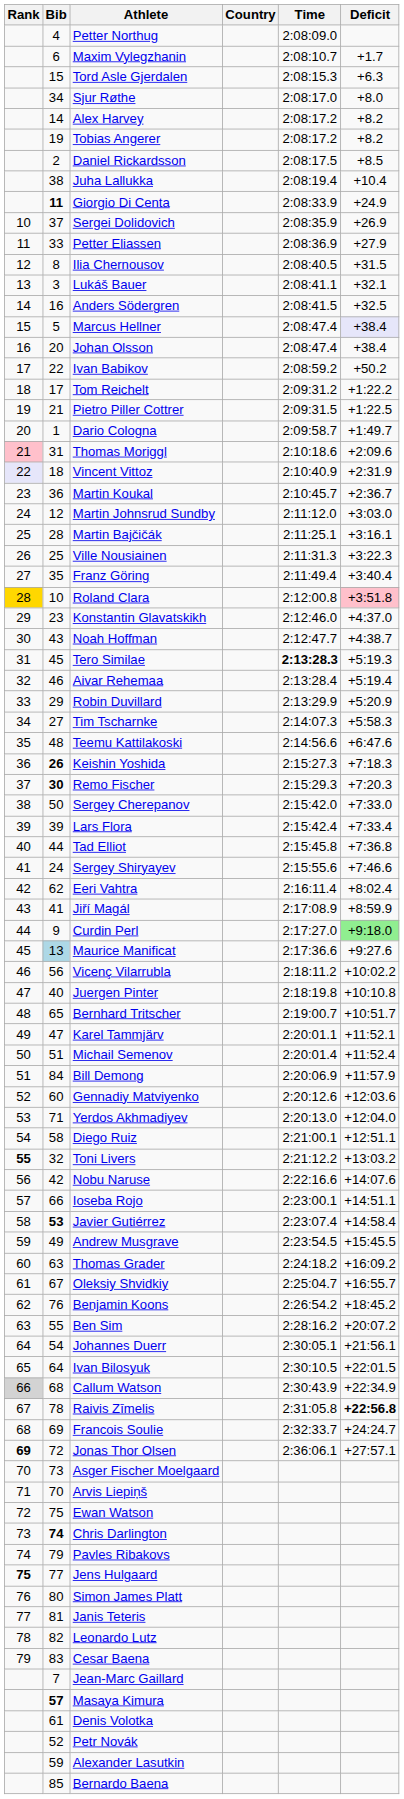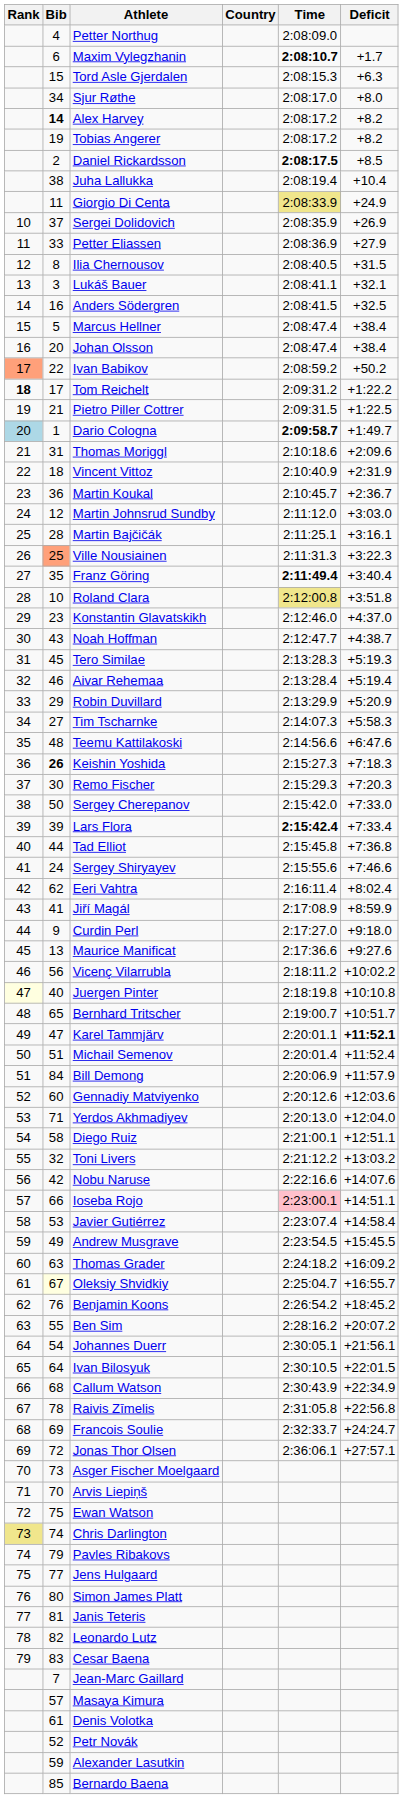 <table class="wikitable sortable" style="text-align:center">
 <tr>
 <th>Rank</th>
 <th>Bib</th>
 <th>Athlete</th>
 <th>Country</th>
 <th>Time</th>
 <th>Deficit</th>
 </tr>
 <tr>
 <td></td>
 <td>4</td>
 <td align=left><a href='#'>Petter Northug</a></td>
 <td align=left></td>
 <td>2:08:09.0</td>
 <td></td>
 </tr>
 <tr>
 <td></td>
 <td>6</td>
 <td align=left><a href='#'>Maxim Vylegzhanin</a></td>
 <td align=left></td>
-<td>2:08:10.7</td>
+<td><strong>2:08:10.7</strong></td>
 <td>+1.7</td>
 </tr>
 <tr>
 <td></td>
 <td>15</td>
 <td align=left><a href='#'>Tord Asle Gjerdalen</a></td>
 <td align=left></td>
 <td>2:08:15.3</td>
 <td>+6.3</td>
 </tr>
 <tr>
 <td></td>
 <td>34</td>
 <td align=left><a href='#'>Sjur Røthe</a></td>
 <td align=left></td>
 <td>2:08:17.0</td>
 <td>+8.0</td>
 </tr>
 <tr>
 <td></td>
-<td>14</td>
+<td><strong>14</strong></td>
 <td align=left><a href='#'>Alex Harvey</a></td>
 <td align=left></td>
 <td>2:08:17.2</td>
 <td>+8.2</td>
 </tr>
 <tr>
 <td></td>
 <td>19</td>
 <td align=left><a href='#'>Tobias Angerer</a></td>
 <td align=left></td>
 <td>2:08:17.2</td>
 <td>+8.2</td>
 </tr>
 <tr>
 <td></td>
 <td>2</td>
 <td align=left><a href='#'>Daniel Rickardsson</a></td>
 <td align=left></td>
-<td>2:08:17.5</td>
+<td><strong>2:08:17.5</strong></td>
 <td>+8.5</td>
 </tr>
 <tr>
 <td></td>
 <td>38</td>
 <td align=left><a href='#'>Juha Lallukka</a></td>
 <td align=left></td>
 <td>2:08:19.4</td>
 <td>+10.4</td>
 </tr>
 <tr>
 <td></td>
-<td><strong>11</strong></td>
+<td>11</td>
 <td align=left><a href='#'>Giorgio Di Centa</a></td>
 <td align=left></td>
-<td>2:08:33.9</td>
+<td style="background: khaki;">2:08:33.9</td>
 <td>+24.9</td>
 </tr>
 <tr>
 <td>10</td>
 <td>37</td>
 <td align=left><a href='#'>Sergei Dolidovich</a></td>
 <td align=left></td>
 <td>2:08:35.9</td>
 <td>+26.9</td>
 </tr>
 <tr>
 <td>11</td>
 <td>33</td>
 <td align=left><a href='#'>Petter Eliassen</a></td>
 <td align=left></td>
 <td>2:08:36.9</td>
 <td>+27.9</td>
 </tr>
 <tr>
 <td>12</td>
 <td>8</td>
 <td align=left><a href='#'>Ilia Chernousov</a></td>
 <td align=left></td>
 <td>2:08:40.5</td>
 <td>+31.5</td>
 </tr>
 <tr>
 <td>13</td>
 <td>3</td>
 <td align=left><a href='#'>Lukáš Bauer</a></td>
 <td align=left></td>
 <td>2:08:41.1</td>
 <td>+32.1</td>
 </tr>
 <tr>
 <td>14</td>
 <td>16</td>
 <td align=left><a href='#'>Anders Södergren</a></td>
 <td align=left></td>
 <td>2:08:41.5</td>
 <td>+32.5</td>
 </tr>
 <tr>
 <td>15</td>
 <td>5</td>
 <td align=left><a href='#'>Marcus Hellner</a></td>
 <td align=left></td>
 <td>2:08:47.4</td>
-<td style="background: lavender;">+38.4</td>
+<td>+38.4</td>
 </tr>
 <tr>
 <td>16</td>
 <td>20</td>
 <td align=left><a href='#'>Johan Olsson</a></td>
 <td align=left></td>
 <td>2:08:47.4</td>
 <td>+38.4</td>
 </tr>
 <tr>
-<td>17</td>
+<td style="background: lightsalmon;">17</td>
 <td>22</td>
 <td align=left><a href='#'>Ivan Babikov</a></td>
 <td align=left></td>
 <td>2:08:59.2</td>
 <td>+50.2</td>
 </tr>
 <tr>
-<td>18</td>
+<td><strong>18</strong></td>
 <td>17</td>
 <td align=left><a href='#'>Tom Reichelt</a></td>
 <td align=left></td>
 <td>2:09:31.2</td>
 <td>+1:22.2</td>
 </tr>
 <tr>
 <td>19</td>
 <td>21</td>
 <td align=left><a href='#'>Pietro Piller Cottrer</a></td>
 <td align=left></td>
 <td>2:09:31.5</td>
 <td>+1:22.5</td>
 </tr>
 <tr>
-<td>20</td>
+<td style="background: lightblue;">20</td>
 <td>1</td>
 <td align=left><a href='#'>Dario Cologna</a></td>
 <td align=left></td>
-<td>2:09:58.7</td>
+<td><strong>2:09:58.7</strong></td>
 <td>+1:49.7</td>
 </tr>
 <tr>
-<td style="background: pink;">21</td>
+<td>21</td>
 <td>31</td>
 <td align=left><a href='#'>Thomas Moriggl</a></td>
 <td align=left></td>
 <td>2:10:18.6</td>
 <td>+2:09.6</td>
 </tr>
 <tr>
-<td style="background: lavender;">22</td>
+<td>22</td>
 <td>18</td>
 <td align=left><a href='#'>Vincent Vittoz</a></td>
 <td align=left></td>
 <td>2:10:40.9</td>
 <td>+2:31.9</td>
 </tr>
 <tr>
 <td>23</td>
 <td>36</td>
 <td align=left><a href='#'>Martin Koukal</a></td>
 <td align=left></td>
 <td>2:10:45.7</td>
 <td>+2:36.7</td>
 </tr>
 <tr>
 <td>24</td>
 <td>12</td>
 <td align=left><a href='#'>Martin Johnsrud Sundby</a></td>
 <td align=left></td>
 <td>2:11:12.0</td>
 <td>+3:03.0</td>
 </tr>
 <tr>
 <td>25</td>
 <td>28</td>
 <td align=left><a href='#'>Martin Bajčičák</a></td>
 <td align=left></td>
 <td>2:11:25.1</td>
 <td>+3:16.1</td>
 </tr>
 <tr>
 <td>26</td>
-<td>25</td>
+<td style="background: lightsalmon;">25</td>
 <td align=left><a href='#'>Ville Nousiainen</a></td>
 <td align=left></td>
 <td>2:11:31.3</td>
 <td>+3:22.3</td>
 </tr>
 <tr>
 <td>27</td>
 <td>35</td>
 <td align=left><a href='#'>Franz Göring</a></td>
 <td align=left></td>
-<td>2:11:49.4</td>
+<td><strong>2:11:49.4</strong></td>
 <td>+3:40.4</td>
 </tr>
 <tr>
-<td style="background: gold;">28</td>
+<td>28</td>
 <td>10</td>
 <td align=left><a href='#'>Roland Clara</a></td>
 <td align=left></td>
-<td>2:12:00.8</td>
-<td style="background: pink;">+3:51.8</td>
+<td style="background: khaki;">2:12:00.8</td>
+<td>+3:51.8</td>
 </tr>
 <tr>
 <td>29</td>
 <td>23</td>
 <td align=left><a href='#'>Konstantin Glavatskikh</a></td>
 <td align=left></td>
 <td>2:12:46.0</td>
 <td>+4:37.0</td>
 </tr>
 <tr>
 <td>30</td>
 <td>43</td>
 <td align=left><a href='#'>Noah Hoffman</a></td>
 <td align=left></td>
 <td>2:12:47.7</td>
 <td>+4:38.7</td>
 </tr>
 <tr>
 <td>31</td>
 <td>45</td>
 <td align=left><a href='#'>Tero Similae</a></td>
 <td align=left></td>
-<td><strong>2:13:28.3</strong></td>
+<td>2:13:28.3</td>
 <td>+5:19.3</td>
 </tr>
 <tr>
 <td>32</td>
 <td>46</td>
 <td align=left><a href='#'>Aivar Rehemaa</a></td>
 <td align=left></td>
 <td>2:13:28.4</td>
 <td>+5:19.4</td>
 </tr>
 <tr>
 <td>33</td>
 <td>29</td>
 <td align=left><a href='#'>Robin Duvillard</a></td>
 <td align=left></td>
 <td>2:13:29.9</td>
 <td>+5:20.9</td>
 </tr>
 <tr>
 <td>34</td>
 <td>27</td>
 <td align=left><a href='#'>Tim Tscharnke</a></td>
 <td align=left></td>
 <td>2:14:07.3</td>
 <td>+5:58.3</td>
 </tr>
 <tr>
 <td>35</td>
 <td>48</td>
 <td align=left><a href='#'>Teemu Kattilakoski</a></td>
 <td align=left></td>
 <td>2:14:56.6</td>
 <td>+6:47.6</td>
 </tr>
 <tr>
 <td>36</td>
 <td><strong>26</strong></td>
 <td align=left><a href='#'>Keishin Yoshida</a></td>
 <td align=left></td>
 <td>2:15:27.3</td>
 <td>+7:18.3</td>
 </tr>
 <tr>
 <td>37</td>
-<td><strong>30</strong></td>
+<td>30</td>
 <td align=left><a href='#'>Remo Fischer</a></td>
 <td align=left></td>
 <td>2:15:29.3</td>
 <td>+7:20.3</td>
 </tr>
 <tr>
 <td>38</td>
 <td>50</td>
 <td align=left><a href='#'>Sergey Cherepanov</a></td>
 <td align=left></td>
 <td>2:15:42.0</td>
 <td>+7:33.0</td>
 </tr>
 <tr>
 <td>39</td>
 <td>39</td>
 <td align=left><a href='#'>Lars Flora</a></td>
 <td align=left></td>
-<td>2:15:42.4</td>
+<td><strong>2:15:42.4</strong></td>
 <td>+7:33.4</td>
 </tr>
 <tr>
 <td>40</td>
 <td>44</td>
 <td align=left><a href='#'>Tad Elliot</a></td>
 <td align=left></td>
 <td>2:15:45.8</td>
 <td>+7:36.8</td>
 </tr>
 <tr>
 <td>41</td>
 <td>24</td>
 <td align=left><a href='#'>Sergey Shiryayev</a></td>
 <td align=left></td>
 <td>2:15:55.6</td>
 <td>+7:46.6</td>
 </tr>
 <tr>
 <td>42</td>
 <td>62</td>
 <td align=left><a href='#'>Eeri Vahtra</a></td>
 <td align=left></td>
 <td>2:16:11.4</td>
 <td>+8:02.4</td>
 </tr>
 <tr>
 <td>43</td>
 <td>41</td>
 <td align=left><a href='#'>Jiří Magál</a></td>
 <td align=left></td>
 <td>2:17:08.9</td>
 <td>+8:59.9</td>
 </tr>
 <tr>
 <td>44</td>
 <td>9</td>
 <td align=left><a href='#'>Curdin Perl</a></td>
 <td align=left></td>
 <td>2:17:27.0</td>
-<td style="background: lightgreen;">+9:18.0</td>
+<td>+9:18.0</td>
 </tr>
 <tr>
 <td>45</td>
-<td style="background: lightblue;">13</td>
+<td>13</td>
 <td align=left><a href='#'>Maurice Manificat</a></td>
 <td align=left></td>
 <td>2:17:36.6</td>
 <td>+9:27.6</td>
 </tr>
 <tr>
 <td>46</td>
 <td>56</td>
 <td align=left><a href='#'>Vicenç Vilarrubla</a></td>
 <td align=left></td>
 <td>2:18:11.2</td>
 <td>+10:02.2</td>
 </tr>
 <tr>
-<td>47</td>
+<td style="background: lightyellow;">47</td>
 <td>40</td>
 <td align=left><a href='#'>Juergen Pinter</a></td>
 <td align=left></td>
 <td>2:18:19.8</td>
 <td>+10:10.8</td>
 </tr>
 <tr>
 <td>48</td>
 <td>65</td>
 <td align=left><a href='#'>Bernhard Tritscher</a></td>
 <td align=left></td>
 <td>2:19:00.7</td>
 <td>+10:51.7</td>
 </tr>
 <tr>
 <td>49</td>
 <td>47</td>
 <td align=left><a href='#'>Karel Tammjärv</a></td>
 <td align=left></td>
 <td>2:20:01.1</td>
-<td>+11:52.1</td>
+<td><strong>+11:52.1</strong></td>
 </tr>
 <tr>
 <td>50</td>
 <td>51</td>
 <td align=left><a href='#'>Michail Semenov</a></td>
 <td align=left></td>
 <td>2:20:01.4</td>
 <td>+11:52.4</td>
 </tr>
 <tr>
 <td>51</td>
 <td>84</td>
 <td align=left><a href='#'>Bill Demong</a></td>
 <td align=left></td>
 <td>2:20:06.9</td>
 <td>+11:57.9</td>
 </tr>
 <tr>
 <td>52</td>
 <td>60</td>
 <td align=left><a href='#'>Gennadiy Matviyenko</a></td>
 <td align=left></td>
 <td>2:20:12.6</td>
 <td>+12:03.6</td>
 </tr>
 <tr>
 <td>53</td>
 <td>71</td>
 <td align=left><a href='#'>Yerdos Akhmadiyev</a></td>
 <td align=left></td>
 <td>2:20:13.0</td>
 <td>+12:04.0</td>
 </tr>
 <tr>
 <td>54</td>
 <td>58</td>
 <td align=left><a href='#'>Diego Ruiz</a></td>
 <td align=left></td>
 <td>2:21:00.1</td>
 <td>+12:51.1</td>
 </tr>
 <tr>
-<td><strong>55</strong></td>
+<td>55</td>
 <td>32</td>
 <td align=left><a href='#'>Toni Livers</a></td>
 <td align=left></td>
 <td>2:21:12.2</td>
 <td>+13:03.2</td>
 </tr>
 <tr>
 <td>56</td>
 <td>42</td>
 <td align=left><a href='#'>Nobu Naruse</a></td>
 <td align=left></td>
 <td>2:22:16.6</td>
 <td>+14:07.6</td>
 </tr>
 <tr>
 <td>57</td>
 <td>66</td>
 <td align=left><a href='#'>Ioseba Rojo</a></td>
 <td align=left></td>
-<td>2:23:00.1</td>
+<td style="background: pink;">2:23:00.1</td>
 <td>+14:51.1</td>
 </tr>
 <tr>
 <td>58</td>
-<td><strong>53</strong></td>
+<td>53</td>
 <td align=left><a href='#'>Javier Gutiérrez</a></td>
 <td align=left></td>
 <td>2:23:07.4</td>
 <td>+14:58.4</td>
 </tr>
 <tr>
 <td>59</td>
 <td>49</td>
 <td align=left><a href='#'>Andrew Musgrave</a></td>
 <td align=left></td>
 <td>2:23:54.5</td>
 <td>+15:45.5</td>
 </tr>
 <tr>
 <td>60</td>
 <td>63</td>
 <td align=left><a href='#'>Thomas Grader</a></td>
 <td align=left></td>
 <td>2:24:18.2</td>
 <td>+16:09.2</td>
 </tr>
 <tr>
 <td>61</td>
-<td>67</td>
+<td style="background: lightyellow;">67</td>
 <td align=left><a href='#'>Oleksiy Shvidkiy</a></td>
 <td align=left></td>
 <td>2:25:04.7</td>
 <td>+16:55.7</td>
 </tr>
 <tr>
 <td>62</td>
 <td>76</td>
 <td align=left><a href='#'>Benjamin Koons</a></td>
 <td align=left></td>
 <td>2:26:54.2</td>
 <td>+18:45.2</td>
 </tr>
 <tr>
 <td>63</td>
 <td>55</td>
 <td align=left><a href='#'>Ben Sim</a></td>
 <td align=left></td>
 <td>2:28:16.2</td>
 <td>+20:07.2</td>
 </tr>
 <tr>
 <td>64</td>
 <td>54</td>
 <td align=left><a href='#'>Johannes Duerr</a></td>
 <td align=left></td>
 <td>2:30:05.1</td>
 <td>+21:56.1</td>
 </tr>
 <tr>
 <td>65</td>
 <td>64</td>
 <td align=left><a href='#'>Ivan Bilosyuk</a></td>
 <td align=left></td>
 <td>2:30:10.5</td>
 <td>+22:01.5</td>
 </tr>
 <tr>
-<td style="background: lightgrey;">66</td>
+<td>66</td>
 <td>68</td>
 <td align=left><a href='#'>Callum Watson</a></td>
 <td align=left></td>
 <td>2:30:43.9</td>
 <td>+22:34.9</td>
 </tr>
 <tr>
 <td>67</td>
 <td>78</td>
 <td align=left><a href='#'>Raivis Zīmelis</a></td>
 <td align=left></td>
 <td>2:31:05.8</td>
-<td><strong>+22:56.8</strong></td>
+<td>+22:56.8</td>
 </tr>
 <tr>
 <td>68</td>
 <td>69</td>
 <td align=left><a href='#'>Francois Soulie</a></td>
 <td align=left></td>
 <td>2:32:33.7</td>
 <td>+24:24.7</td>
 </tr>
 <tr>
-<td><strong>69</strong></td>
+<td>69</td>
 <td>72</td>
 <td align=left><a href='#'>Jonas Thor Olsen</a></td>
 <td align=left></td>
 <td>2:36:06.1</td>
 <td>+27:57.1</td>
 </tr>
 <tr>
 <td>70</td>
 <td>73</td>
 <td align=left><a href='#'>Asger Fischer Moelgaard</a></td>
 <td align=left></td>
 <td></td>
 <td></td>
 </tr>
 <tr>
 <td>71</td>
 <td>70</td>
 <td align=left><a href='#'>Arvis Liepiņš</a></td>
 <td align=left></td>
 <td></td>
 <td></td>
 </tr>
 <tr>
 <td>72</td>
 <td>75</td>
 <td align=left><a href='#'>Ewan Watson</a></td>
 <td align=left></td>
 <td></td>
 <td></td>
 </tr>
 <tr>
-<td>73</td>
-<td><strong>74</strong></td>
+<td style="background: khaki;">73</td>
+<td>74</td>
 <td align=left><a href='#'>Chris Darlington</a></td>
 <td align=left></td>
 <td></td>
 <td></td>
 </tr>
 <tr>
 <td>74</td>
 <td>79</td>
 <td align=left><a href='#'>Pavles Ribakovs</a></td>
 <td align=left></td>
 <td></td>
 <td></td>
 </tr>
 <tr>
-<td><strong>75</strong></td>
+<td>75</td>
 <td>77</td>
 <td align=left><a href='#'>Jens Hulgaard</a></td>
 <td align=left></td>
 <td></td>
 <td></td>
 </tr>
 <tr>
 <td>76</td>
 <td>80</td>
 <td align=left><a href='#'>Simon James Platt</a></td>
 <td align=left></td>
 <td></td>
 <td></td>
 </tr>
 <tr>
 <td>77</td>
 <td>81</td>
 <td align=left><a href='#'>Janis Teteris</a></td>
 <td align=left></td>
 <td></td>
 <td></td>
 </tr>
 <tr>
 <td>78</td>
 <td>82</td>
 <td align=left><a href='#'>Leonardo Lutz</a></td>
 <td align=left></td>
 <td></td>
 <td></td>
 </tr>
 <tr>
 <td>79</td>
 <td>83</td>
 <td align=left><a href='#'>Cesar Baena</a></td>
 <td align=left></td>
 <td></td>
 <td></td>
 </tr>
 <tr>
 <td></td>
 <td>7</td>
 <td align=left><a href='#'>Jean-Marc Gaillard</a></td>
 <td align=left></td>
 <td></td>
 <td></td>
 </tr>
 <tr>
 <td></td>
-<td><strong>57</strong></td>
+<td>57</td>
 <td align=left><a href='#'>Masaya Kimura</a></td>
 <td align=left></td>
 <td></td>
 <td></td>
 </tr>
 <tr>
 <td></td>
 <td>61</td>
 <td align=left><a href='#'>Denis Volotka</a></td>
 <td align=left></td>
 <td></td>
 <td></td>
 </tr>
 <tr>
 <td></td>
 <td>52</td>
 <td align=left><a href='#'>Petr Novák</a></td>
 <td align=left></td>
 <td></td>
 <td></td>
 </tr>
 <tr>
 <td></td>
 <td>59</td>
 <td align=left><a href='#'>Alexander Lasutkin</a></td>
 <td align=left></td>
 <td></td>
 <td></td>
 </tr>
 <tr>
 <td></td>
 <td>85</td>
 <td align=left><a href='#'>Bernardo Baena</a></td>
 <td align=left></td>
 <td></td>
 <td></td>
 </tr>
 </table>
